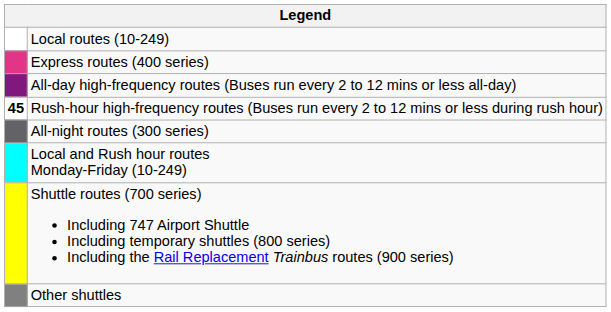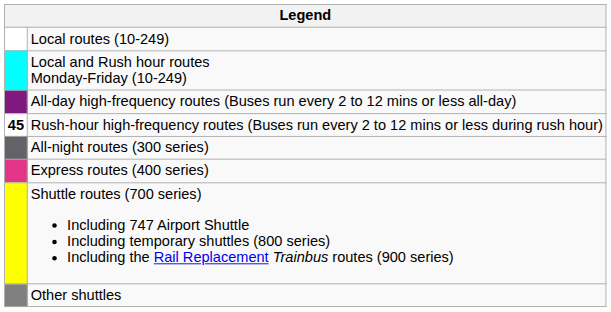 <table class=wikitable |>
 <tr>
 <th colspan=2>Legend</th>
 </tr>
 <tr>
 <th style="background:white;"></th>
 <td> Local routes (10-249)</td>
 </tr>
 <tr>
-<th style="background:#e33587;"></th>
-<td> Express routes (400 series)</td>
+<th style="background:aqua;”"></th>
+<td> Local and Rush hour routes<br>Monday-Friday (10-249)</td>
 </tr>
 <tr>
 <th style=background:#80187e;”></th>
 <td> All-day high-frequency routes (Buses run every 2 to 12 mins or less all-day)</td>
 </tr>
 <tr>
 <th style="background:white;"><span>45</span></th>
 <td> Rush-hour high-frequency routes (Buses run every 2 to 12 mins or less during rush hour)</td>
 </tr>
 <tr>
 <th style="background:#626366;"></th>
 <td> All-night routes (300 series)</td>
 </tr>
 <tr>
-<th style="background:aqua;”"></th>
-<td> Local and Rush hour routes<br>Monday-Friday (10-249)</td>
+<th style="background:#e33587;"></th>
+<td> Express routes (400 series)</td>
 </tr>
 <tr>
 <th style="background:yellow;"></th>
 <td> Shuttle routes (700 series)<br><ul><li> Including 747 Airport Shuttle</li><li>Including temporary shuttles (800 series)</li><li>Including the <a href='#'>Rail Replacement</a> <em>Trainbus</em> routes (900 series)</li></ul></td>
 </tr>
 <tr>
 <th style="background:gray;"></th>
 <td> Other shuttles</td>
 </tr>
 </table>
